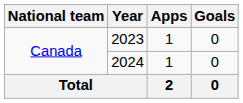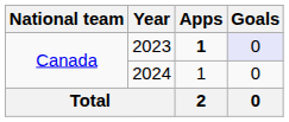 <table class="wikitable" style="text-align:center">
 <tr>
 <th>National team</th>
 <th>Year</th>
 <th>Apps</th>
 <th>Goals</th>
 </tr>
 <tr>
 <td rowspan="2"><a href='#'>Canada</a></td>
 <td>2023</td>
-<td>1</td>
-<td>0</td>
+<td><strong>1</strong></td>
+<td style="background: lavender;">0</td>
 </tr>
 <tr>
 <td>2024</td>
 <td>1</td>
 <td>0</td>
 </tr>
 <tr>
 <th colspan="2">Total</th>
 <th>2</th>
 <th>0</th>
 </tr>
 </table>
